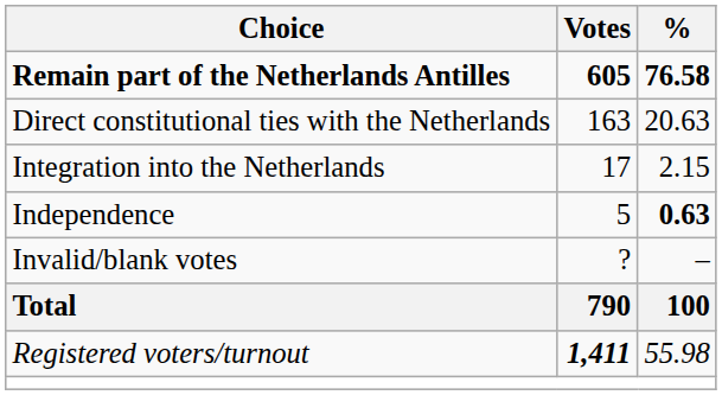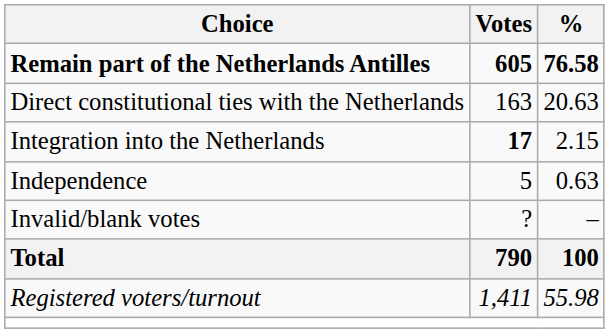 <table class="wikitable" style="text-align:right">
 <tr>
 <th>Choice</th>
 <th>Votes</th>
 <th>%</th>
 </tr>
 <tr>
 <td style="text-align:left"><strong>Remain part of the Netherlands Antilles</strong></td>
 <td><strong>605</strong></td>
 <td><strong>76.58</strong></td>
 </tr>
 <tr>
 <td style="text-align:left">Direct constitutional ties with the Netherlands</td>
 <td>163</td>
 <td>20.63</td>
 </tr>
 <tr>
 <td style="text-align:left">Integration into the Netherlands</td>
-<td>17</td>
+<td><strong>17</strong></td>
 <td>2.15</td>
 </tr>
 <tr>
 <td style="text-align:left">Independence</td>
 <td>5</td>
-<td><strong>0.63</strong></td>
+<td>0.63</td>
 </tr>
 <tr>
 <td style="text-align:left">Invalid/blank votes</td>
 <td>?</td>
 <td>–</td>
 </tr>
 <tr>
 <th style="text-align:left">Total</th>
 <th style="text-align:right">790</th>
 <th style="text-align:right">100</th>
 </tr>
 <tr>
 <td style="text-align:left"><em>Registered voters/turnout</em></td>
-<td><strong><em>1,411</em></strong></td>
+<td><em>1,411</em></td>
 <td><em>55.98</em></td>
 </tr>
 <tr>
 <td style="text-align:left;background-color:#fff" colspan="3"></td>
 </tr>
 </table>
